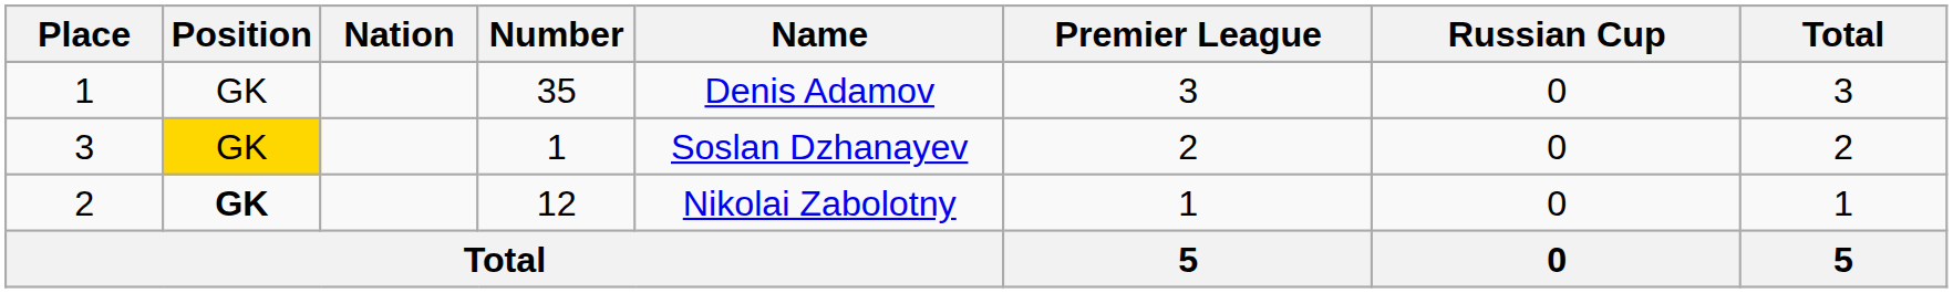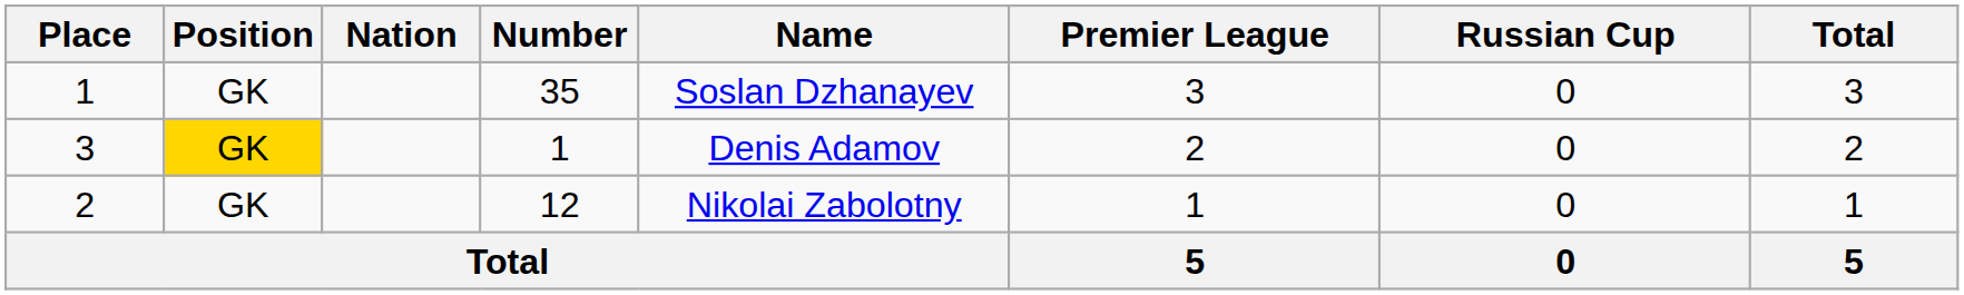 <table class="wikitable" style="font-size: 95%; text-align: center;">
 <tr>
 <th width=60>Place</th>
 <th width=60>Position</th>
 <th width=60>Nation</th>
 <th width=60>Number</th>
 <th width=150>Name</th>
 <th width=150>Premier League</th>
 <th width=150>Russian Cup</th>
 <th width=80>Total</th>
 </tr>
 <tr>
 <td>1</td>
 <td>GK</td>
 <td></td>
 <td>35</td>
-<td><a href='#'>Denis Adamov</a></td>
+<td><a href='#'>Soslan Dzhanayev</a></td>
 <td>3</td>
 <td>0</td>
 <td>3</td>
 </tr>
 <tr>
 <td>3</td>
 <td style="background: gold;">GK</td>
 <td></td>
 <td>1</td>
-<td><a href='#'>Soslan Dzhanayev</a></td>
+<td><a href='#'>Denis Adamov</a></td>
 <td>2</td>
 <td>0</td>
 <td>2</td>
 </tr>
 <tr>
 <td>2</td>
-<td><strong>GK</strong></td>
+<td>GK</td>
 <td></td>
 <td>12</td>
 <td><a href='#'>Nikolai Zabolotny</a></td>
 <td>1</td>
 <td>0</td>
 <td>1</td>
 </tr>
 <tr>
 <th colspan=5>Total</th>
 <th>5</th>
 <th>0</th>
 <th>5</th>
 </tr>
 </table>
